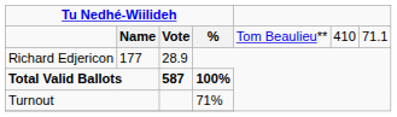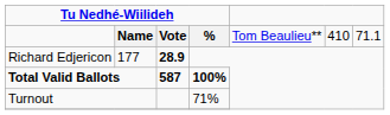 <table class="wikitable">
 <tr>
 <td colspan=4 align=center><strong><a href='#'>Tu Nedhé-Wiilideh</a></strong></td>
 </tr>
 <tr>
 <td></td>
 <th><strong>Name </strong></th>
 <th><strong>Vote</strong></th>
 <th><strong>%</strong><br></th>
 <td><a href='#'>Tom Beaulieu</a>**</td>
 <td>410</td>
 <td>71.1</td>
 </tr>
 <tr>
 <td>Richard Edjericon</td>
 <td>177</td>
-<td>28.9</td>
+<td><strong>28.9</strong></td>
 </tr>
 <tr>
 <td colspan=2><strong>Total Valid Ballots</strong></td>
 <td><strong>587</strong></td>
 <td><strong>100%</strong></td>
 </tr>
 <tr>
 <td colspan=2>Turnout</td>
 <td></td>
 <td>71%</td>
 </tr>
 <tr>
 </tr>
 </table>
